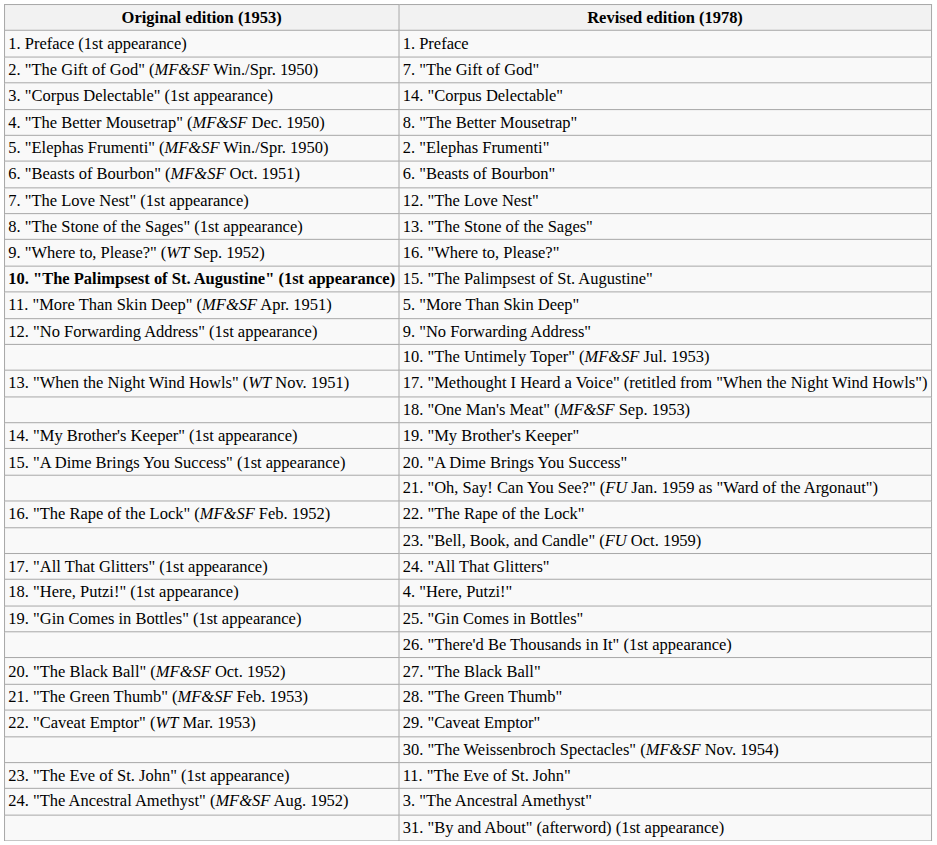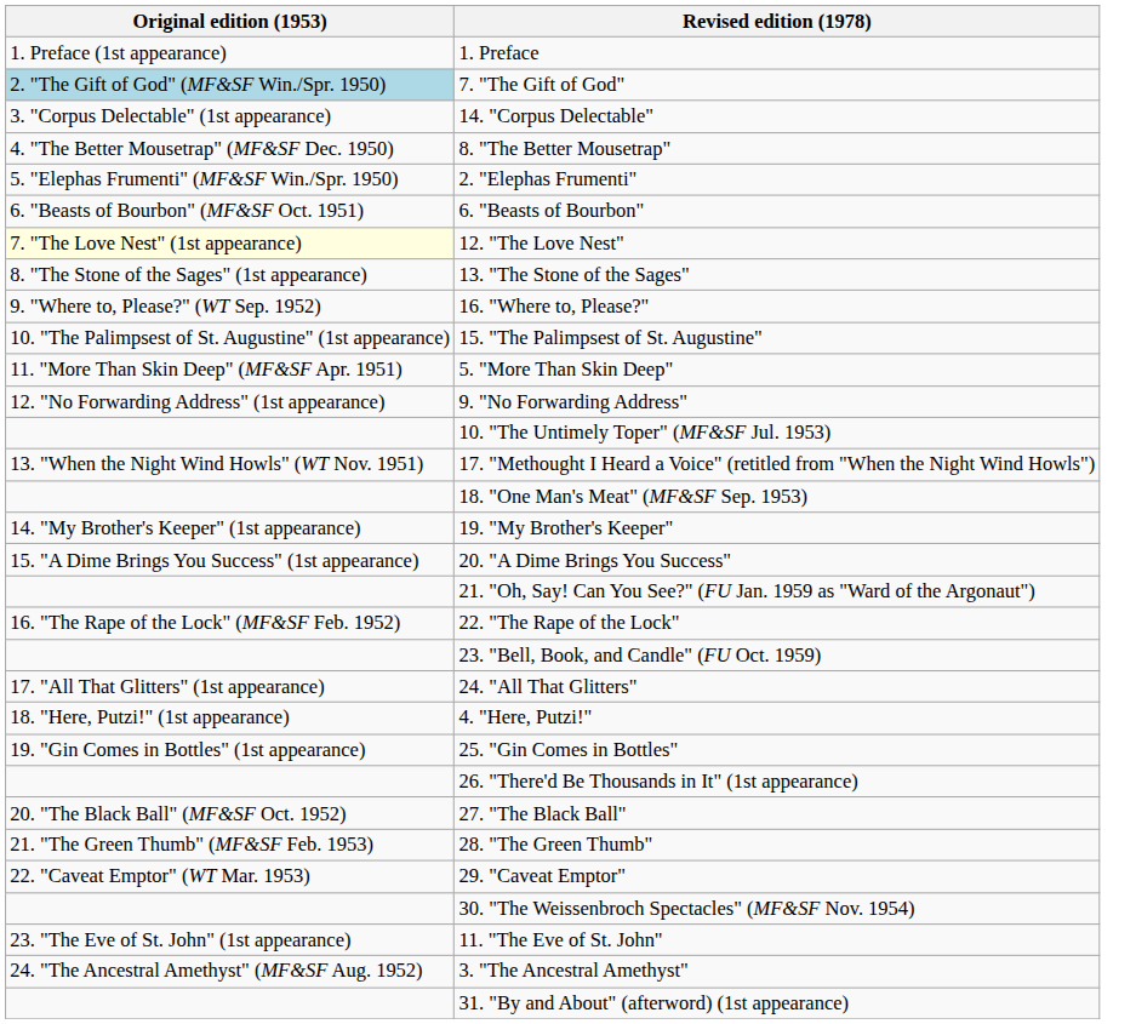 <table class="wikitable">
 <tr>
 <th><strong>Original edition (1953)</strong></th>
 <th><strong>Revised edition (1978)</strong></th>
 </tr>
 <tr>
 <td>1. Preface (1st appearance)</td>
 <td>1. Preface</td>
 </tr>
 <tr>
-<td>2. "The Gift of God" (<em>MF&SF</em> Win./Spr. 1950)</td>
+<td style="background: lightblue;">2. "The Gift of God" (<em>MF&SF</em> Win./Spr. 1950)</td>
 <td>7. "The Gift of God"</td>
 </tr>
 <tr>
 <td>3. "Corpus Delectable" (1st appearance)</td>
 <td>14. "Corpus Delectable"</td>
 </tr>
 <tr>
 <td>4. "The Better Mousetrap" (<em>MF&SF</em> Dec. 1950)</td>
 <td>8. "The Better Mousetrap"</td>
 </tr>
 <tr>
 <td>5. "Elephas Frumenti" (<em>MF&SF</em> Win./Spr. 1950)</td>
 <td>2. "Elephas Frumenti"</td>
 </tr>
 <tr>
 <td>6. "Beasts of Bourbon" (<em>MF&SF</em> Oct. 1951)</td>
 <td>6. "Beasts of Bourbon"</td>
 </tr>
 <tr>
-<td>7. "The Love Nest" (1st appearance)</td>
+<td style="background: lightyellow;">7. "The Love Nest" (1st appearance)</td>
 <td>12. "The Love Nest"</td>
 </tr>
 <tr>
 <td>8. "The Stone of the Sages" (1st appearance)</td>
 <td>13. "The Stone of the Sages"</td>
 </tr>
 <tr>
 <td>9. "Where to, Please?" (<em>WT</em> Sep. 1952)</td>
 <td>16. "Where to, Please?"</td>
 </tr>
 <tr>
-<td><strong>10. "The Palimpsest of St. Augustine" (1st appearance)</strong></td>
+<td>10. "The Palimpsest of St. Augustine" (1st appearance)</td>
 <td>15. "The Palimpsest of St. Augustine"</td>
 </tr>
 <tr>
 <td>11. "More Than Skin Deep" (<em>MF&SF</em> Apr. 1951)</td>
 <td>5. "More Than Skin Deep"</td>
 </tr>
 <tr>
 <td>12. "No Forwarding Address" (1st appearance)</td>
 <td>9. "No Forwarding Address"</td>
 </tr>
 <tr>
 <td></td>
 <td>10. "The Untimely Toper" (<em>MF&SF</em> Jul. 1953)</td>
 </tr>
 <tr>
 <td>13. "When the Night Wind Howls" (<em>WT</em> Nov. 1951)</td>
 <td>17. "Methought I Heard a Voice" (retitled from "When the Night Wind Howls")</td>
 </tr>
 <tr>
 <td></td>
 <td>18. "One Man's Meat" (<em>MF&SF</em> Sep. 1953)</td>
 </tr>
 <tr>
 <td>14. "My Brother's Keeper" (1st appearance)</td>
 <td>19. "My Brother's Keeper"</td>
 </tr>
 <tr>
 <td>15. "A Dime Brings You Success" (1st appearance)</td>
 <td>20. "A Dime Brings You Success"</td>
 </tr>
 <tr>
 <td></td>
 <td>21. "Oh, Say! Can You See?" (<em>FU</em> Jan. 1959 as "Ward of the Argonaut")</td>
 </tr>
 <tr>
 <td>16. "The Rape of the Lock" (<em>MF&SF</em> Feb. 1952)</td>
 <td>22. "The Rape of the Lock"</td>
 </tr>
 <tr>
 <td></td>
 <td>23. "Bell, Book, and Candle" (<em>FU</em> Oct. 1959)</td>
 </tr>
 <tr>
 <td>17. "All That Glitters" (1st appearance)</td>
 <td>24. "All That Glitters"</td>
 </tr>
 <tr>
 <td>18. "Here, Putzi!" (1st appearance)</td>
 <td>4. "Here, Putzi!"</td>
 </tr>
 <tr>
 <td>19. "Gin Comes in Bottles" (1st appearance)</td>
 <td>25. "Gin Comes in Bottles"</td>
 </tr>
 <tr>
 <td></td>
 <td>26. "There'd Be Thousands in It" (1st appearance)</td>
 </tr>
 <tr>
 <td>20. "The Black Ball" (<em>MF&SF</em> Oct. 1952)</td>
 <td>27. "The Black Ball"</td>
 </tr>
 <tr>
 <td>21. "The Green Thumb" (<em>MF&SF</em> Feb. 1953)</td>
 <td>28. "The Green Thumb"</td>
 </tr>
 <tr>
 <td>22. "Caveat Emptor" (<em>WT</em> Mar. 1953)</td>
 <td>29. "Caveat Emptor"</td>
 </tr>
 <tr>
 <td></td>
 <td>30. "The Weissenbroch Spectacles" (<em>MF&SF</em> Nov. 1954)</td>
 </tr>
 <tr>
 <td>23. "The Eve of St. John" (1st appearance)</td>
 <td>11. "The Eve of St. John"</td>
 </tr>
 <tr>
 <td>24. "The Ancestral Amethyst" (<em>MF&SF</em> Aug. 1952)</td>
 <td>3. "The Ancestral Amethyst"</td>
 </tr>
 <tr>
 <td></td>
 <td>31. "By and About" (afterword) (1st appearance)</td>
 </tr>
 </table>
